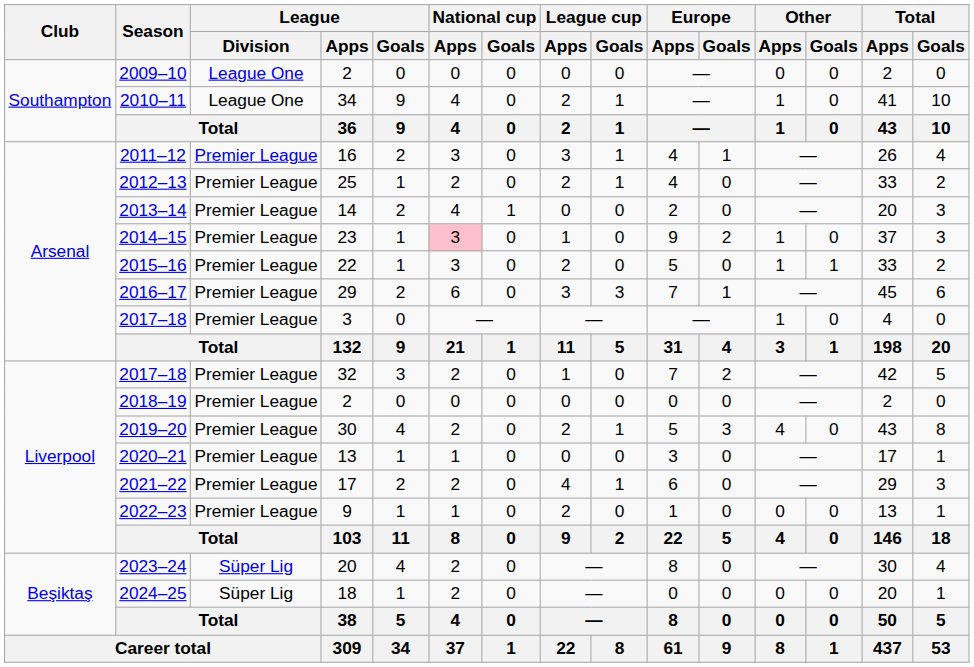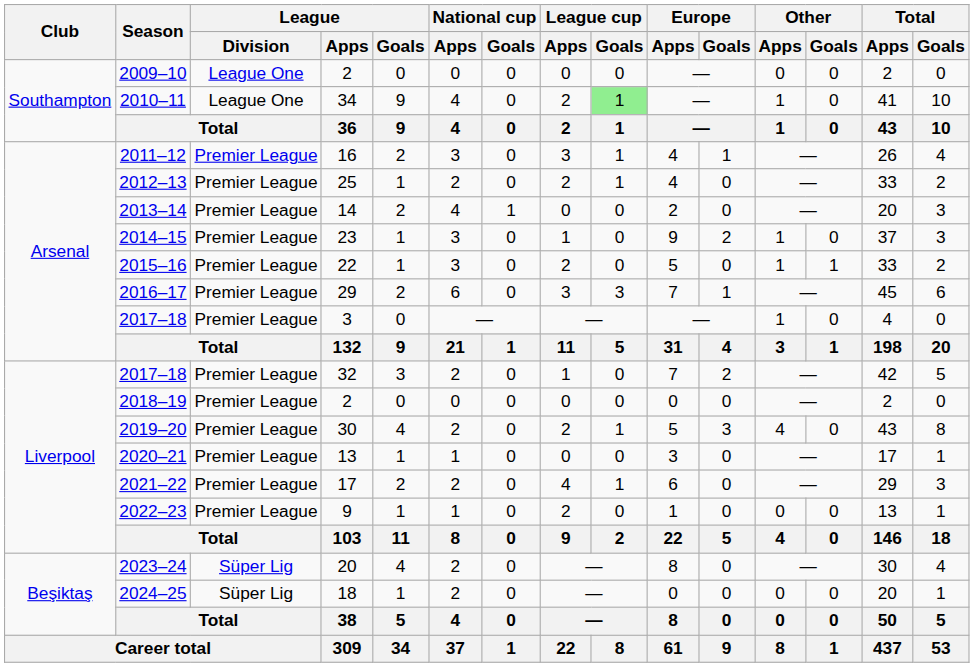 <table class="wikitable" style="text-align: center;">
 <tr>
 <th rowspan="2">Club</th>
 <th rowspan="2">Season</th>
 <th colspan="3">League</th>
 <th colspan="2">National cup</th>
 <th colspan="2">League cup</th>
 <th colspan="2">Europe</th>
 <th colspan="2">Other</th>
 <th colspan="2">Total</th>
 </tr>
 <tr>
 <th>Division</th>
 <th>Apps</th>
 <th>Goals</th>
 <th>Apps</th>
 <th>Goals</th>
 <th>Apps</th>
 <th>Goals</th>
 <th>Apps</th>
 <th>Goals</th>
 <th>Apps</th>
 <th>Goals</th>
 <th>Apps</th>
 <th>Goals</th>
 </tr>
 <tr>
 <td rowspan="3"><a href='#'>Southampton</a></td>
 <td><a href='#'>2009–10</a></td>
 <td><a href='#'>League One</a></td>
 <td>2</td>
 <td>0</td>
 <td>0</td>
 <td>0</td>
 <td>0</td>
 <td>0</td>
 <td colspan="2">—</td>
 <td>0</td>
 <td>0</td>
 <td>2</td>
 <td>0</td>
 </tr>
 <tr>
 <td><a href='#'>2010–11</a></td>
 <td>League One</td>
 <td>34</td>
 <td>9</td>
 <td>4</td>
 <td>0</td>
 <td>2</td>
-<td>1</td>
+<td style="background: lightgreen;">1</td>
 <td colspan="2">—</td>
 <td>1</td>
 <td>0</td>
 <td>41</td>
 <td>10</td>
 </tr>
 <tr>
 <th colspan="2">Total</th>
 <th>36</th>
 <th>9</th>
 <th>4</th>
 <th>0</th>
 <th>2</th>
 <th>1</th>
 <th colspan="2">—</th>
 <th>1</th>
 <th>0</th>
 <th>43</th>
 <th>10</th>
 </tr>
 <tr>
 <td rowspan="8"><a href='#'>Arsenal</a></td>
 <td><a href='#'>2011–12</a></td>
 <td><a href='#'>Premier League</a></td>
 <td>16</td>
 <td>2</td>
 <td>3</td>
 <td>0</td>
 <td>3</td>
 <td>1</td>
 <td>4</td>
 <td>1</td>
 <td colspan="2">—</td>
 <td>26</td>
 <td>4</td>
 </tr>
 <tr>
 <td><a href='#'>2012–13</a></td>
 <td>Premier League</td>
 <td>25</td>
 <td>1</td>
 <td>2</td>
 <td>0</td>
 <td>2</td>
 <td>1</td>
 <td>4</td>
 <td>0</td>
 <td colspan="2">—</td>
 <td>33</td>
 <td>2</td>
 </tr>
 <tr>
 <td><a href='#'>2013–14</a></td>
 <td>Premier League</td>
 <td>14</td>
 <td>2</td>
 <td>4</td>
 <td>1</td>
 <td>0</td>
 <td>0</td>
 <td>2</td>
 <td>0</td>
 <td colspan="2">—</td>
 <td>20</td>
 <td>3</td>
 </tr>
 <tr>
 <td><a href='#'>2014–15</a></td>
 <td>Premier League</td>
 <td>23</td>
 <td>1</td>
-<td style="background: pink;">3</td>
+<td>3</td>
 <td>0</td>
 <td>1</td>
 <td>0</td>
 <td>9</td>
 <td>2</td>
 <td>1</td>
 <td>0</td>
 <td>37</td>
 <td>3</td>
 </tr>
 <tr>
 <td><a href='#'>2015–16</a></td>
 <td>Premier League</td>
 <td>22</td>
 <td>1</td>
 <td>3</td>
 <td>0</td>
 <td>2</td>
 <td>0</td>
 <td>5</td>
 <td>0</td>
 <td>1</td>
 <td>1</td>
 <td>33</td>
 <td>2</td>
 </tr>
 <tr>
 <td><a href='#'>2016–17</a></td>
 <td>Premier League</td>
 <td>29</td>
 <td>2</td>
 <td>6</td>
 <td>0</td>
 <td>3</td>
 <td>3</td>
 <td>7</td>
 <td>1</td>
 <td colspan="2">—</td>
 <td>45</td>
 <td>6</td>
 </tr>
 <tr>
 <td><a href='#'>2017–18</a></td>
 <td>Premier League</td>
 <td>3</td>
 <td>0</td>
 <td colspan="2">—</td>
 <td colspan="2">—</td>
 <td colspan="2">—</td>
 <td>1</td>
 <td>0</td>
 <td>4</td>
 <td>0</td>
 </tr>
 <tr>
 <th colspan="2">Total</th>
 <th>132</th>
 <th>9</th>
 <th>21</th>
 <th>1</th>
 <th>11</th>
 <th>5</th>
 <th>31</th>
 <th>4</th>
 <th>3</th>
 <th>1</th>
 <th>198</th>
 <th>20</th>
 </tr>
 <tr>
 <td rowspan="7"><a href='#'>Liverpool</a></td>
 <td><a href='#'>2017–18</a></td>
 <td>Premier League</td>
 <td>32</td>
 <td>3</td>
 <td>2</td>
 <td>0</td>
 <td>1</td>
 <td>0</td>
 <td>7</td>
 <td>2</td>
 <td colspan="2">—</td>
 <td>42</td>
 <td>5</td>
 </tr>
 <tr>
 <td><a href='#'>2018–19</a></td>
 <td>Premier League</td>
 <td>2</td>
 <td>0</td>
 <td>0</td>
 <td>0</td>
 <td>0</td>
 <td>0</td>
 <td>0</td>
 <td>0</td>
 <td colspan="2">—</td>
 <td>2</td>
 <td>0</td>
 </tr>
 <tr>
 <td><a href='#'>2019–20</a></td>
 <td>Premier League</td>
 <td>30</td>
 <td>4</td>
 <td>2</td>
 <td>0</td>
 <td>2</td>
 <td>1</td>
 <td>5</td>
 <td>3</td>
 <td>4</td>
 <td>0</td>
 <td>43</td>
 <td>8</td>
 </tr>
 <tr>
 <td><a href='#'>2020–21</a></td>
 <td>Premier League</td>
 <td>13</td>
 <td>1</td>
 <td>1</td>
 <td>0</td>
 <td>0</td>
 <td>0</td>
 <td>3</td>
 <td>0</td>
 <td colspan="2">—</td>
 <td>17</td>
 <td>1</td>
 </tr>
 <tr>
 <td><a href='#'>2021–22</a></td>
 <td>Premier League</td>
 <td>17</td>
 <td>2</td>
 <td>2</td>
 <td>0</td>
 <td>4</td>
 <td>1</td>
 <td>6</td>
 <td>0</td>
 <td colspan="2">—</td>
 <td>29</td>
 <td>3</td>
 </tr>
 <tr>
 <td><a href='#'>2022–23</a></td>
 <td>Premier League</td>
 <td>9</td>
 <td>1</td>
 <td>1</td>
 <td>0</td>
 <td>2</td>
 <td>0</td>
 <td>1</td>
 <td>0</td>
 <td>0</td>
 <td>0</td>
 <td>13</td>
 <td>1</td>
 </tr>
 <tr>
 <th colspan="2">Total</th>
 <th>103</th>
 <th>11</th>
 <th>8</th>
 <th>0</th>
 <th>9</th>
 <th>2</th>
 <th>22</th>
 <th>5</th>
 <th>4</th>
 <th>0</th>
 <th>146</th>
 <th>18</th>
 </tr>
 <tr>
 <td rowspan="3"><a href='#'>Beşiktaş</a></td>
 <td><a href='#'>2023–24</a></td>
 <td><a href='#'>Süper Lig</a></td>
 <td>20</td>
 <td>4</td>
 <td>2</td>
 <td>0</td>
 <td colspan="2">—</td>
 <td>8</td>
 <td>0</td>
 <td colspan="2">—</td>
 <td>30</td>
 <td>4</td>
 </tr>
 <tr>
 <td><a href='#'>2024–25</a></td>
 <td>Süper Lig</td>
 <td>18</td>
 <td>1</td>
 <td>2</td>
 <td>0</td>
 <td colspan="2">—</td>
 <td>0</td>
 <td>0</td>
 <td>0</td>
 <td>0</td>
 <td>20</td>
 <td>1</td>
 </tr>
 <tr>
 <th colspan="2">Total</th>
 <th>38</th>
 <th>5</th>
 <th>4</th>
 <th>0</th>
 <th colspan="2">—</th>
 <th>8</th>
 <th>0</th>
 <th>0</th>
 <th>0</th>
 <th>50</th>
 <th>5</th>
 </tr>
 <tr>
 <th colspan="3">Career total</th>
 <th>309</th>
 <th>34</th>
 <th>37</th>
 <th>1</th>
 <th>22</th>
 <th>8</th>
 <th>61</th>
 <th>9</th>
 <th>8</th>
 <th>1</th>
 <th>437</th>
 <th>53</th>
 </tr>
 </table>
